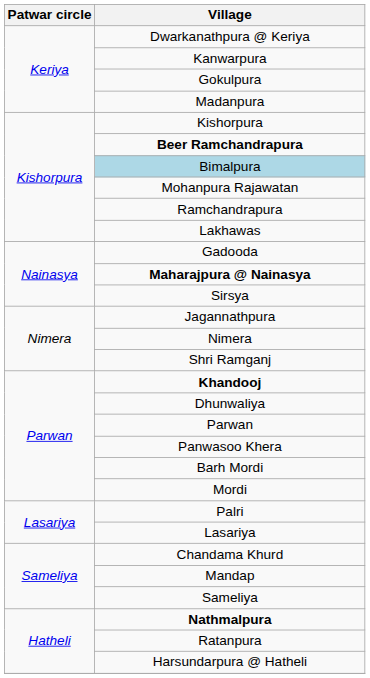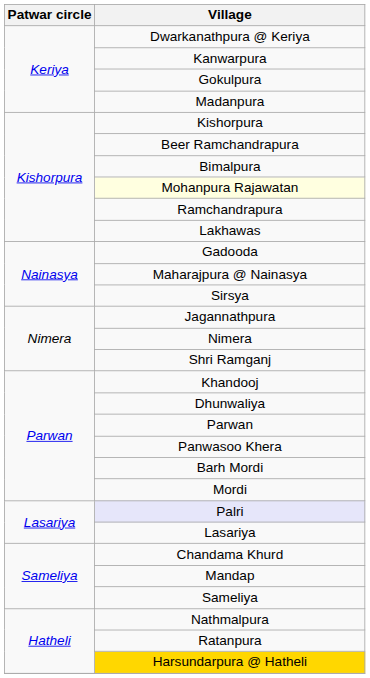 <table class="wikitable">
 <tr style="text-align:center;">
 <th colspan="1"><strong>Patwar circle</strong></th>
 <th style="width:75%;"><strong>Village</strong></th>
 </tr>
 <tr>
 <td rowspan="4" style="text-align:center;"><em><a href='#'>Keriya</a></em></td>
 <td style="text-align:center;">Dwarkanathpura @ Keriya</td>
 </tr>
 <tr>
 <td style="text-align:center;">Kanwarpura</td>
 </tr>
 <tr>
 <td style="text-align:center;">Gokulpura</td>
 </tr>
 <tr>
 <td style="text-align:center;">Madanpura</td>
 </tr>
 <tr>
 <td rowspan="6" style="text-align:center;"><em><a href='#'>Kishorpura</a></em></td>
 <td style="text-align:center;">Kishorpura</td>
 </tr>
 <tr>
-<td style="text-align:center;"><strong>Beer Ramchandrapura</strong></td>
+<td style="text-align:center;">Beer Ramchandrapura</td>
 </tr>
 <tr>
-<td style="background: lightblue; text-align:center;">Bimalpura</td>
+<td style="text-align:center;">Bimalpura</td>
 </tr>
 <tr>
-<td style="text-align:center;">Mohanpura Rajawatan</td>
+<td style="background: lightyellow; text-align:center;">Mohanpura Rajawatan</td>
 </tr>
 <tr>
 <td style="text-align:center;">Ramchandrapura</td>
 </tr>
 <tr>
 <td style="text-align:center;">Lakhawas</td>
 </tr>
 <tr>
 <td rowspan="3" style="text-align:center;"><em><a href='#'>Nainasya</a></em></td>
 <td style="text-align:center;">Gadooda</td>
 </tr>
 <tr>
-<td style="text-align:center;"><strong>Maharajpura @ Nainasya</strong></td>
+<td style="text-align:center;">Maharajpura @ Nainasya</td>
 </tr>
 <tr>
 <td style="text-align:center;">Sirsya</td>
 </tr>
 <tr>
 <td rowspan="3" style="text-align:center;"><em>Nimera</em></td>
 <td style="text-align:center;">Jagannathpura</td>
 </tr>
 <tr>
 <td style="text-align:center;">Nimera</td>
 </tr>
 <tr>
 <td style="text-align:center;">Shri Ramganj</td>
 </tr>
 <tr>
 <td rowspan="6" style="text-align:center;"><em><a href='#'>Parwan</a></em></td>
-<td style="text-align:center;"><strong>Khandooj</strong></td>
+<td style="text-align:center;">Khandooj</td>
 </tr>
 <tr>
 <td style="text-align:center;">Dhunwaliya</td>
 </tr>
 <tr>
 <td style="text-align:center;">Parwan</td>
 </tr>
 <tr>
 <td style="text-align:center;">Panwasoo Khera</td>
 </tr>
 <tr>
 <td style="text-align:center;">Barh Mordi</td>
 </tr>
 <tr>
 <td style="text-align:center;">Mordi</td>
 </tr>
 <tr>
 <td rowspan="2" style="text-align:center;"><em><a href='#'>Lasariya</a></em></td>
-<td style="text-align:center;">Palri</td>
+<td style="background: lavender; text-align:center;">Palri</td>
 </tr>
 <tr>
 <td style="text-align:center;">Lasariya</td>
 </tr>
 <tr>
 <td rowspan="3" style="text-align:center;"><em><a href='#'>Sameliya</a></em></td>
 <td style="text-align:center;">Chandama Khurd</td>
 </tr>
 <tr>
 <td style="text-align:center;">Mandap</td>
 </tr>
 <tr>
 <td style="text-align:center;">Sameliya</td>
 </tr>
 <tr>
 <td rowspan="3" style="text-align:center;"><em><a href='#'>Hatheli</a></em></td>
-<td style="text-align:center;"><strong>Nathmalpura</strong></td>
+<td style="text-align:center;">Nathmalpura</td>
 </tr>
 <tr>
 <td style="text-align:center;">Ratanpura</td>
 </tr>
 <tr>
-<td style="text-align:center;">Harsundarpura @ Hatheli</td>
+<td style="background: gold; text-align:center;">Harsundarpura @ Hatheli</td>
 </tr>
 <tr>
 </tr>
 </table>
